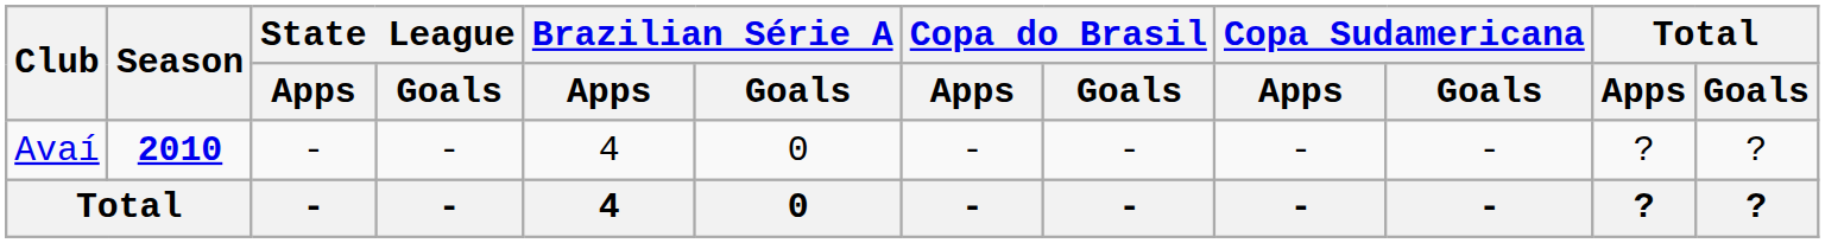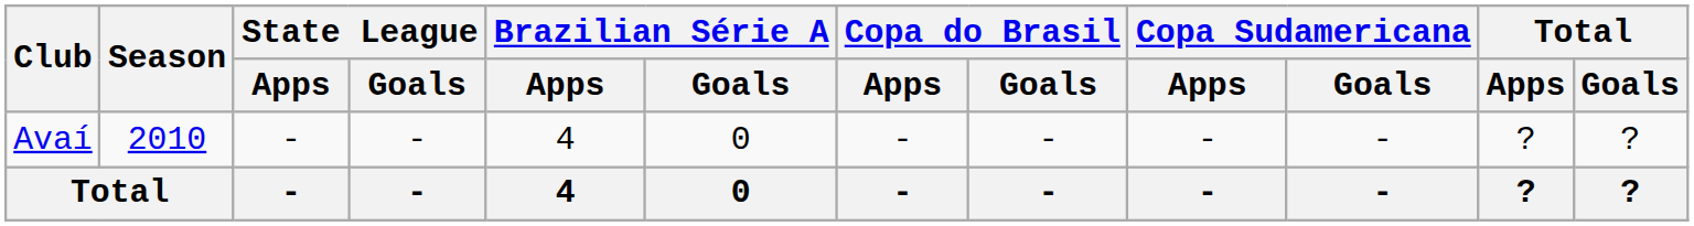 <table class="wikitable" style="text-align: center;">
 <tr>
 <th rowspan="2">Club</th>
 <th rowspan="2">Season</th>
 <th colspan="2">State League</th>
 <th colspan="2"><a href='#'>Brazilian Série A</a></th>
 <th colspan="2"><a href='#'>Copa do Brasil</a></th>
 <th colspan="2"><a href='#'>Copa Sudamericana</a></th>
 <th colspan="2">Total</th>
 </tr>
 <tr>
 <th>Apps</th>
 <th>Goals</th>
 <th>Apps</th>
 <th>Goals</th>
 <th>Apps</th>
 <th>Goals</th>
 <th>Apps</th>
 <th>Goals</th>
 <th>Apps</th>
 <th>Goals</th>
 </tr>
 <tr>
 <td rowspan="1" valign="center"><a href='#'>Avaí</a></td>
-<td><strong><a href='#'>2010</a></strong></td>
+<td><a href='#'>2010</a></td>
 <td>-</td>
 <td>-</td>
 <td>4</td>
 <td>0</td>
 <td>-</td>
 <td>-</td>
 <td>-</td>
 <td>-</td>
 <td>?</td>
 <td>?</td>
 </tr>
 <tr>
 <th colspan="2"><strong>Total</strong></th>
 <th>-</th>
 <th>-</th>
 <th>4</th>
 <th>0</th>
 <th>-</th>
 <th>-</th>
 <th>-</th>
 <th>-</th>
 <th>?</th>
 <th>?</th>
 </tr>
 </table>
